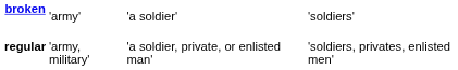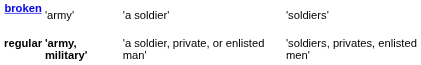 <table>
 <tr>
 <th><a href='#'>broken</a></th>
 <td>  <br> 'army'</td>
 <td>  <br> 'a soldier'</td>
 <td>  <br>  'soldiers'</td>
 </tr>
 <tr>
 <th>regular</th>
-<td>  <br> 'army, military'</td>
+<td><strong>  <br> 'army, military'</strong></td>
 <td>  <br> 'a soldier, private, or enlisted man'</td>
 <td>  <br> 'soldiers, privates, enlisted men'</td>
 </tr>
 </table>
